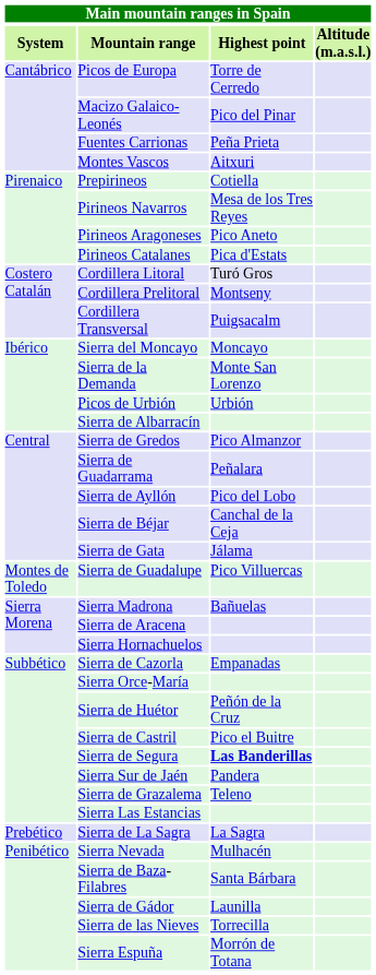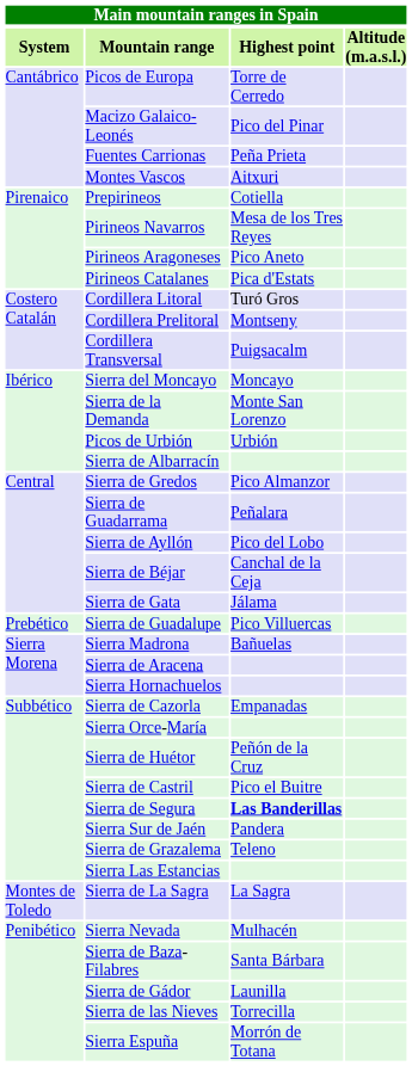 <table class="toc" cellpadding="0" cellspacing="2" width="390px" style="float:right; margin: 0.5em 0.5em 0.5em 1em; padding: 0.5e text- align:left;clear:all; margin- left:10px; font- size:90%">
 <tr>
 <td colspan="4" style="background:#black; color:white;" align="center" bgcolor="green"><strong>Main mountain ranges in Spain</strong></td>
 </tr>
 <tr>
 <td colspan="4" align="center"></td>
 </tr>
 <tr style="background:#D0F5A9;" align="center">
 <th width="75">System</th>
 <th width="140">Mountain range</th>
 <th width="110">Highest point</th>
 <th width="40">Altitude (m.a.s.l.)</th>
 </tr>
 <tr valign="top" bgcolor="#E0E0F8">
 <td rowspan="4"><a href='#'>Cantábrico</a></td>
 <td><a href='#'>Picos de Europa</a></td>
 <td><a href='#'>Torre de Cerredo</a></td>
 <td align="center"></td>
 </tr>
 <tr bgcolor="#E0E0F8">
 <td><a href='#'>Macizo Galaico-Leonés</a></td>
 <td><a href='#'>Pico del Pinar</a></td>
 <td align="center"></td>
 </tr>
 <tr bgcolor="#E0E0F8 ">
 <td><a href='#'>Fuentes Carrionas</a></td>
 <td><a href='#'>Peña Prieta</a></td>
 <td align="center"></td>
 </tr>
 <tr bgcolor="#E0E0F8 ">
 <td><a href='#'>Montes Vascos</a></td>
 <td><a href='#'>Aitxuri</a></td>
 <td align="center"></td>
 </tr>
 <tr bgcolor="#E0F8E0" valign="top">
 <td rowspan="4"><a href='#'>Pirenaico</a></td>
 <td><a href='#'>Prepirineos</a></td>
 <td><a href='#'>Cotiella</a></td>
 <td align="center"></td>
 </tr>
 <tr bgcolor="#E0F8E0">
 <td><a href='#'>Pirineos Navarros</a></td>
 <td><a href='#'>Mesa de los Tres Reyes</a></td>
 <td align="center"></td>
 </tr>
 <tr bgcolor="#E0F8E0">
 <td><a href='#'>Pirineos Aragoneses</a></td>
 <td><a href='#'>Pico Aneto</a></td>
 <td align="center"></td>
 </tr>
 <tr bgcolor="#E0F8E0">
 <td><a href='#'>Pirineos Catalanes</a></td>
 <td><a href='#'>Pica d'Estats</a></td>
 <td align="center"></td>
 </tr>
 <tr bgcolor="#E0E0F8" valign="top">
 <td rowspan="3"><a href='#'>Costero Catalán</a></td>
 <td><a href='#'>Cordillera Litoral</a></td>
 <td>Turó Gros</td>
 <td align="center"></td>
 </tr>
 <tr bgcolor="#E0E0F8">
 <td><a href='#'>Cordillera Prelitoral</a></td>
 <td><a href='#'>Montseny</a></td>
 <td align="center"></td>
 </tr>
 <tr bgcolor="#E0E0F8">
 <td><a href='#'>Cordillera Transversal</a></td>
 <td><a href='#'>Puigsacalm</a></td>
 <td align="center"></td>
 </tr>
 <tr bgcolor="#E0F8E0" valign="top">
 <td rowspan="4"><a href='#'>Ibérico</a></td>
 <td><a href='#'>Sierra del Moncayo</a></td>
 <td><a href='#'>Moncayo</a></td>
 <td align="center"></td>
 </tr>
 <tr bgcolor="#E0F8E0">
 <td><a href='#'>Sierra de la Demanda</a></td>
 <td><a href='#'>Monte San Lorenzo</a></td>
 <td align="center"></td>
 </tr>
 <tr bgcolor="#E0F8E0">
 <td><a href='#'>Picos de Urbión</a></td>
 <td><a href='#'>Urbión</a></td>
 <td align="center"></td>
 </tr>
 <tr bgcolor="#E0F8E0">
 <td><a href='#'>Sierra de Albarracín</a></td>
 <td></td>
 <td align="center"></td>
 </tr>
 <tr bgcolor="#E0E0F8" valign="top">
 <td rowspan="5"><a href='#'>Central</a></td>
 <td><a href='#'>Sierra de Gredos</a></td>
 <td><a href='#'>Pico Almanzor</a></td>
 <td align="center"></td>
 </tr>
 <tr bgcolor="#E0E0F8">
 <td><a href='#'>Sierra de Guadarrama</a></td>
 <td><a href='#'>Peñalara</a></td>
 <td align="center"></td>
 </tr>
 <tr bgcolor="#E0E0F8">
 <td><a href='#'>Sierra de Ayllón</a></td>
 <td><a href='#'>Pico del Lobo</a></td>
 <td align="center"></td>
 </tr>
 <tr bgcolor="#E0E0F8">
 <td><a href='#'>Sierra de Béjar</a></td>
 <td><a href='#'>Canchal de la Ceja</a></td>
 <td align="center"></td>
 </tr>
 <tr bgcolor="#E0E0F8">
 <td><a href='#'>Sierra de Gata</a></td>
 <td><a href='#'>Jálama</a></td>
 <td align="center"></td>
 </tr>
 <tr valign="top" bgcolor="#E0F8E0">
-<td><a href='#'>Montes de Toledo</a></td>
+<td><a href='#'>Prebético</a></td>
 <td><a href='#'>Sierra de Guadalupe</a></td>
 <td><a href='#'>Pico Villuercas</a></td>
 <td align="center"></td>
 </tr>
 <tr bgcolor="#E0E0F8" valign="top">
 <td rowspan="3"><a href='#'>Sierra Morena</a></td>
 <td><a href='#'>Sierra Madrona</a></td>
 <td><a href='#'>Bañuelas</a></td>
 <td align="center"></td>
 </tr>
 <tr bgcolor="#E0E0F8">
 <td><a href='#'>Sierra de Aracena</a></td>
 <td></td>
 <td align="center"></td>
 </tr>
 <tr bgcolor="#E0E0F8">
 <td><a href='#'>Sierra Hornachuelos</a></td>
 <td></td>
 <td align="center"></td>
 </tr>
 <tr bgcolor="#E0F8E0" valign="top">
 <td rowspan="8"><a href='#'>Subbético</a></td>
 <td><a href='#'>Sierra de Cazorla</a></td>
 <td><a href='#'>Empanadas</a></td>
 <td align="center"></td>
 </tr>
 <tr bgcolor="#E0F8E0">
 <td><a href='#'>Sierra Orce</a>-<a href='#'>María</a></td>
 <td></td>
 <td align="center"></td>
 </tr>
 <tr bgcolor="#E0F8E0">
 <td><a href='#'>Sierra de Huétor</a></td>
 <td><a href='#'>Peñón de la Cruz</a></td>
 <td align="center"></td>
 </tr>
 <tr bgcolor="#E0F8E0">
 <td><a href='#'>Sierra de Castril</a></td>
 <td><a href='#'>Pico el Buitre</a></td>
 <td align="center"></td>
 </tr>
 <tr bgcolor="#E0F8E0">
 <td><a href='#'>Sierra de Segura</a></td>
 <td><strong><a href='#'>Las Banderillas</a></strong></td>
 <td align="center"></td>
 </tr>
 <tr bgcolor="#E0F8E0">
 <td><a href='#'>Sierra Sur de Jaén</a></td>
 <td><a href='#'>Pandera</a></td>
 <td align="center"></td>
 </tr>
 <tr bgcolor="#E0F8E0">
 <td><a href='#'>Sierra de Grazalema</a></td>
 <td><a href='#'>Teleno</a></td>
 <td align="center"></td>
 </tr>
 <tr bgcolor="#E0F8E0">
 <td><a href='#'>Sierra Las Estancias</a></td>
 <td></td>
 <td align="center"></td>
 </tr>
 <tr bgcolor="#E0E0F8" valign="top">
-<td><a href='#'>Prebético</a></td>
+<td><a href='#'>Montes de Toledo</a></td>
 <td><a href='#'>Sierra de La Sagra</a></td>
 <td><a href='#'>La Sagra</a></td>
 <td align="center"></td>
 </tr>
 <tr bgcolor="#E0F8E0" valign="top">
 <td rowspan="5"><a href='#'>Penibético</a></td>
 <td><a href='#'>Sierra Nevada</a></td>
 <td><a href='#'>Mulhacén</a></td>
 <td align="center"></td>
 </tr>
 <tr bgcolor="#E0F8E0">
 <td><a href='#'>Sierra de Baza</a>-<a href='#'>Filabres</a></td>
 <td><a href='#'>Santa Bárbara</a></td>
 <td align="center"></td>
 </tr>
 <tr bgcolor="#E0F8E0">
 <td><a href='#'>Sierra de Gádor</a></td>
 <td><a href='#'>Launilla</a></td>
 <td align="center"></td>
 </tr>
 <tr bgcolor="#E0F8E0">
 <td><a href='#'>Sierra de las Nieves</a></td>
 <td><a href='#'>Torrecilla</a></td>
 <td align="center"></td>
 </tr>
 <tr bgcolor="#E0F8E0">
 <td><a href='#'>Sierra Espuña</a></td>
 <td><a href='#'>Morrón de Totana</a></td>
 <td align="center"></td>
 </tr>
 </table>
